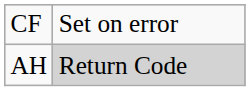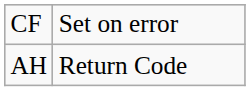 <table class="wikitable">
 <tr>
 <td width="20%">CF</td>
 <td width="80%">Set on error</td>
 </tr>
 <tr>
 <td width="20%">AH</td>
-<td width="80%" style="background: lightgrey;">Return Code</td>
+<td width="80%">Return Code</td>
 </tr>
 </table>
